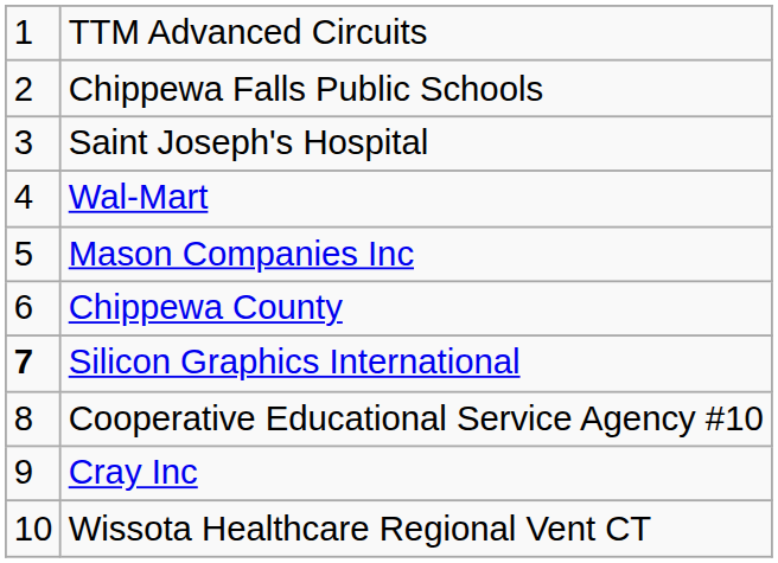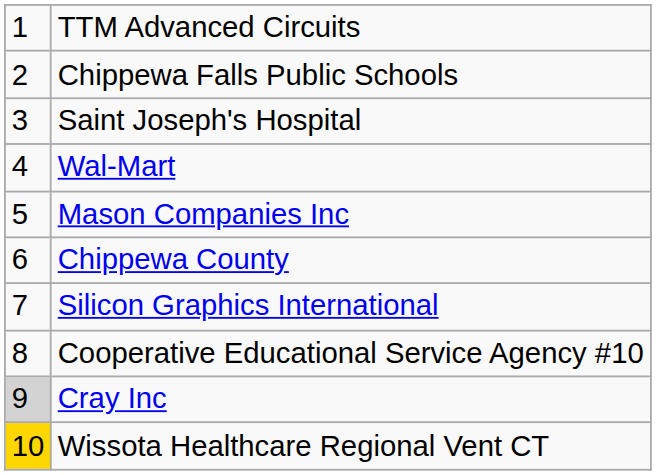 <table class="wikitable" |- ! # !! Employer Name>
 <tr>
 <td>1</td>
 <td>TTM Advanced Circuits</td>
 </tr>
 <tr>
 <td>2</td>
 <td>Chippewa Falls Public Schools</td>
 </tr>
 <tr>
 <td>3</td>
 <td>Saint Joseph's Hospital</td>
 </tr>
 <tr>
 <td>4</td>
 <td><a href='#'>Wal-Mart</a></td>
 </tr>
 <tr>
 <td>5</td>
 <td><a href='#'>Mason Companies Inc</a></td>
 </tr>
 <tr>
 <td>6</td>
 <td><a href='#'>Chippewa County</a></td>
 </tr>
 <tr>
-<td><strong>7</strong></td>
+<td>7</td>
 <td><a href='#'>Silicon Graphics International</a></td>
 </tr>
 <tr>
 <td>8</td>
 <td>Cooperative Educational Service Agency #10</td>
 </tr>
 <tr>
-<td>9</td>
+<td style="background: lightgrey;">9</td>
 <td><a href='#'>Cray Inc</a></td>
 </tr>
 <tr>
-<td>10</td>
+<td style="background: gold;">10</td>
 <td>Wissota Healthcare Regional Vent CT</td>
 </tr>
 </table>
